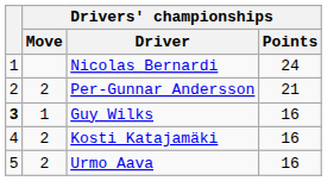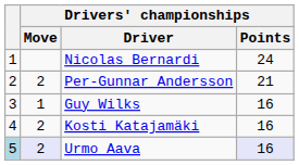 <table class="wikitable" style="font-size:85%;">
 <tr>
 <th rowspan="2"></th>
 <th colspan="3">Drivers' championships</th>
 </tr>
 <tr>
 <th>Move</th>
 <th>Driver</th>
 <th>Points</th>
 </tr>
 <tr>
 <td align="center">1</td>
 <td align="center"></td>
 <td> <a href='#'>Nicolas Bernardi</a></td>
 <td align="center">24</td>
 </tr>
 <tr>
 <td align="center">2</td>
 <td align="center"> 2</td>
 <td> <a href='#'>Per-Gunnar Andersson</a></td>
 <td align="center">21</td>
 </tr>
 <tr>
-<td align="center"><strong>3</strong></td>
+<td align="center">3</td>
 <td align="center"> 1</td>
 <td> <a href='#'>Guy Wilks</a></td>
 <td align="center">16</td>
 </tr>
 <tr>
 <td align="center">4</td>
 <td align="center"> 2</td>
 <td> <a href='#'>Kosti Katajamäki</a></td>
 <td align="center">16</td>
 </tr>
 <tr>
-<td align="center">5</td>
-<td align="center"> 2</td>
+<td align="center" style="background: lightblue;">5</td>
+<td align="center" style="background: lavender;"> 2</td>
 <td> <a href='#'>Urmo Aava</a></td>
-<td align="center">16</td>
+<td align="center" style="background: lavender;">16</td>
 </tr>
 </table>
